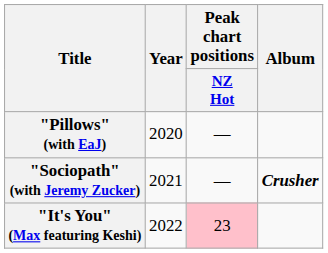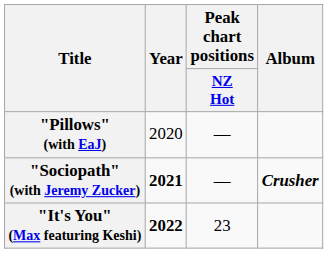 <table class="wikitable plainrowheaders" style="text-align:center;" border="1">
 <tr>
 <th rowspan="2" scope="col">Title</th>
 <th rowspan="2" scope="col">Year</th>
 <th>Peak chart positions</th>
 <th rowspan="2" scope="col">Album</th>
 </tr>
 <tr>
 <th scope="col" style="width:2.7em;font-size:90%;"><a href='#'>NZ<br>Hot</a><br></th>
 </tr>
 <tr>
 <th scope="row">"Pillows"<br><small>(with <a href='#'>EaJ</a>)</small></th>
 <td>2020</td>
 <td>—</td>
 <td></td>
 </tr>
 <tr>
 <th scope="row">"Sociopath"<br><small>(with <a href='#'>Jeremy Zucker</a>)</small></th>
-<td>2021</td>
+<td><strong>2021</strong></td>
 <td>—</td>
 <td><strong><em>Crusher</em></strong></td>
 </tr>
 <tr>
 <th scope="row">"It's You"<br><small>(<a href='#'>Max</a> featuring Keshi)</small></th>
-<td>2022</td>
-<td style="background: pink;">23</td>
+<td><strong>2022</strong></td>
+<td>23</td>
 <td></td>
 </tr>
 </table>
